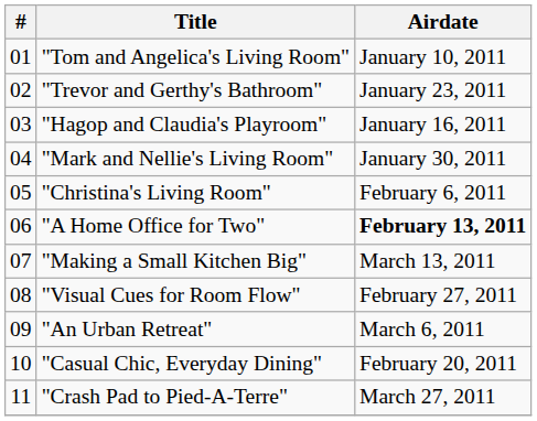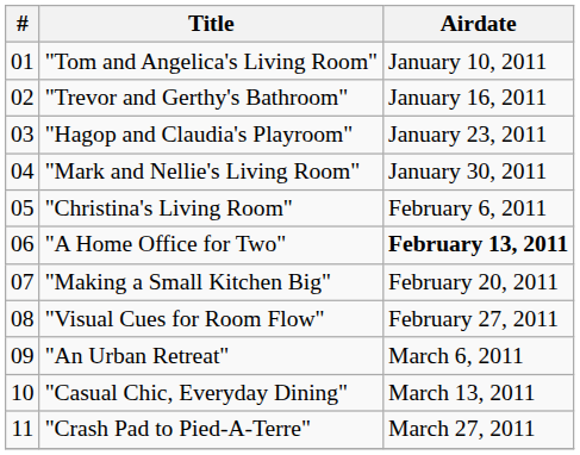 <table class="wikitable sortable">
 <tr>
 <th>#</th>
 <th>Title</th>
 <th>Airdate</th>
 </tr>
 <tr>
 <td nowrap="nowrap" align="center">01</td>
 <td>"Tom and Angelica's Living Room"</td>
 <td>January 10, 2011</td>
 </tr>
 <tr>
 <td nowrap="nowrap" align="center">02</td>
 <td>"Trevor and Gerthy's Bathroom"</td>
-<td>January 23, 2011</td>
+<td>January 16, 2011</td>
 </tr>
 <tr>
 <td nowrap="nowrap" align="center">03</td>
 <td>"Hagop and Claudia's Playroom"</td>
-<td>January 16, 2011</td>
+<td>January 23, 2011</td>
 </tr>
 <tr>
 <td nowrap="nowrap" align="center">04</td>
 <td>"Mark and Nellie's Living Room"</td>
 <td>January 30, 2011</td>
 </tr>
 <tr>
 <td nowrap="nowrap" align="center">05</td>
 <td>"Christina's Living Room"</td>
 <td>February 6, 2011</td>
 </tr>
 <tr>
 <td nowrap="nowrap" align="center">06</td>
 <td>"A Home Office for Two"</td>
 <td><strong>February 13, 2011</strong></td>
 </tr>
 <tr>
 <td nowrap="nowrap" align="center">07</td>
 <td>"Making a Small Kitchen Big"</td>
-<td>March 13, 2011</td>
+<td>February 20, 2011</td>
 </tr>
 <tr>
 <td nowrap="nowrap" align="center">08</td>
 <td>"Visual Cues for Room Flow"</td>
 <td>February 27, 2011</td>
 </tr>
 <tr>
 <td nowrap="nowrap" align="center">09</td>
 <td>"An Urban Retreat"</td>
 <td>March 6, 2011</td>
 </tr>
 <tr>
 <td nowrap="nowrap" align="center">10</td>
 <td>"Casual Chic, Everyday Dining"</td>
-<td>February 20, 2011</td>
+<td>March 13, 2011</td>
 </tr>
 <tr>
 <td nowrap="nowrap" align="center">11</td>
 <td>"Crash Pad to Pied-A-Terre"</td>
 <td>March 27, 2011</td>
 </tr>
 <tr>
 </tr>
 </table>
